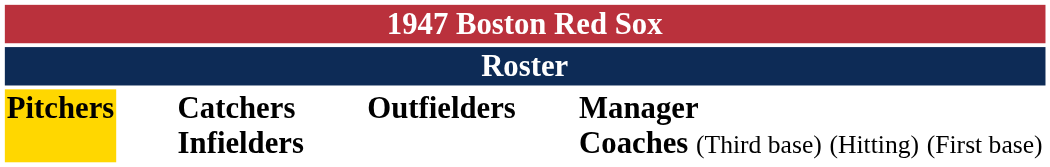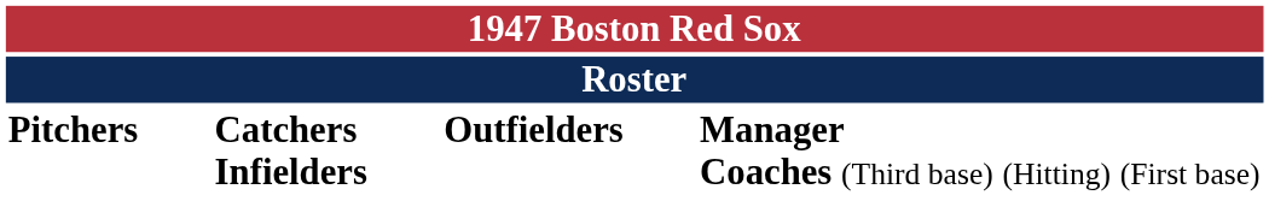 <table class="toccolours" style="text-align: left;">
 <tr>
 <th colspan="10" style="background-color: #ba313c; color: white; text-align: center;">1947 Boston Red Sox</th>
 </tr>
 <tr>
 <td colspan="10" style="background-color: #0d2b56; color: white; text-align: center;"><strong>Roster</strong></td>
 </tr>
 <tr>
-<td valign="top" style="background: gold;"><strong>Pitchers</strong><br>                </td>
+<td valign="top"><strong>Pitchers</strong><br>                </td>
 <td width="25px"></td>
 <td valign="top"><strong>Catchers</strong><br>       <strong>Infielders</strong>          </td>
 <td width="25px"></td>
 <td valign="top"><strong>Outfielders</strong><br>      </td>
 <td width="25px"></td>
 <td valign="top"><strong>Manager</strong><br> <strong>Coaches</strong>  <small>(Third base)</small>  <small>(Hitting)</small>  <small>(First base)</small></td>
 </tr>
 <tr>
 </tr>
 </table>
